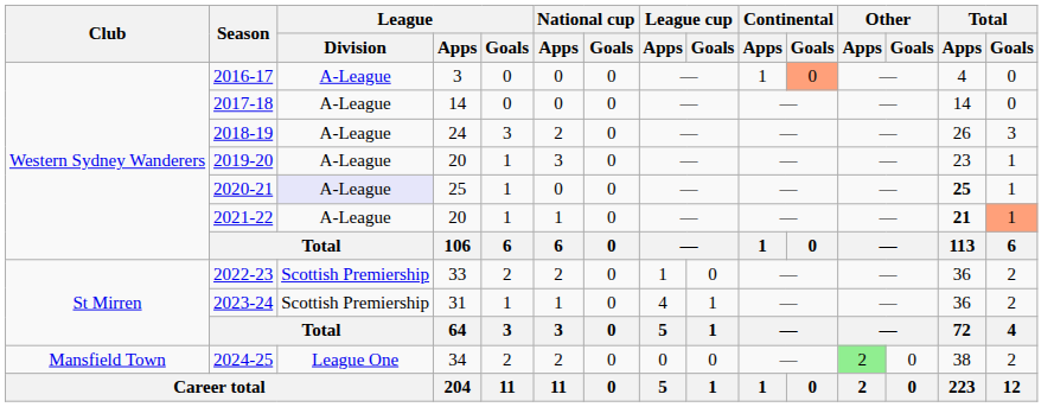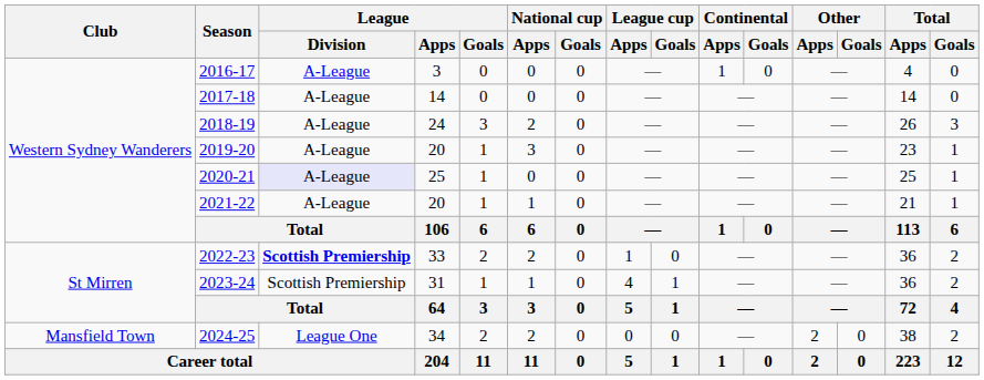 <table class="wikitable" style="text-align: center">
 <tr>
 <th rowspan="2">Club</th>
 <th rowspan="2">Season</th>
 <th colspan="3">League</th>
 <th colspan="2">National cup</th>
 <th colspan="2">League cup</th>
 <th colspan="2">Continental</th>
 <th colspan="2">Other</th>
 <th colspan="2">Total</th>
 </tr>
 <tr>
 <th>Division</th>
 <th>Apps</th>
 <th>Goals</th>
 <th>Apps</th>
 <th>Goals</th>
 <th>Apps</th>
 <th>Goals</th>
 <th>Apps</th>
 <th>Goals</th>
 <th>Apps</th>
 <th>Goals</th>
 <th>Apps</th>
 <th>Goals</th>
 </tr>
 <tr>
 <td rowspan="7"><a href='#'>Western Sydney Wanderers</a></td>
 <td><a href='#'>2016-17</a></td>
 <td><a href='#'>A-League</a></td>
 <td>3</td>
 <td>0</td>
 <td>0</td>
 <td>0</td>
 <td colspan="2">—</td>
 <td>1</td>
-<td style="background: lightsalmon;">0</td>
+<td>0</td>
 <td colspan="2">—</td>
 <td>4</td>
 <td>0</td>
 </tr>
 <tr>
 <td><a href='#'>2017-18</a></td>
 <td>A-League</td>
 <td>14</td>
 <td>0</td>
 <td>0</td>
 <td>0</td>
 <td colspan="2">—</td>
 <td colspan="2">—</td>
 <td colspan="2">—</td>
 <td>14</td>
 <td>0</td>
 </tr>
 <tr>
 <td><a href='#'>2018-19</a></td>
 <td>A-League</td>
 <td>24</td>
 <td>3</td>
 <td>2</td>
 <td>0</td>
 <td colspan="2">—</td>
 <td colspan="2">—</td>
 <td colspan="2">—</td>
 <td>26</td>
 <td>3</td>
 </tr>
 <tr>
 <td><a href='#'>2019-20</a></td>
 <td>A-League</td>
 <td>20</td>
 <td>1</td>
 <td>3</td>
 <td>0</td>
 <td colspan="2">—</td>
 <td colspan="2">—</td>
 <td colspan="2">—</td>
 <td>23</td>
 <td>1</td>
 </tr>
 <tr>
 <td><a href='#'>2020-21</a></td>
 <td style="background: lavender;">A-League</td>
 <td>25</td>
 <td>1</td>
 <td>0</td>
 <td>0</td>
 <td colspan="2">—</td>
 <td colspan="2">—</td>
 <td colspan="2">—</td>
-<td><strong>25</strong></td>
+<td>25</td>
 <td>1</td>
 </tr>
 <tr>
 <td><a href='#'>2021-22</a></td>
 <td>A-League</td>
 <td>20</td>
 <td>1</td>
 <td>1</td>
 <td>0</td>
 <td colspan="2">—</td>
 <td colspan="2">—</td>
 <td colspan="2">—</td>
-<td><strong>21</strong></td>
-<td style="background: lightsalmon;">1</td>
+<td>21</td>
+<td>1</td>
 </tr>
 <tr>
 <th colspan="2">Total</th>
 <th>106</th>
 <th>6</th>
 <th>6</th>
 <th>0</th>
 <th colspan="2">—</th>
 <th>1</th>
 <th>0</th>
 <th colspan="2">—</th>
 <th>113</th>
 <th>6</th>
 </tr>
 <tr>
 <td rowspan="3"><a href='#'>St Mirren</a></td>
 <td><a href='#'>2022-23</a></td>
-<td><a href='#'>Scottish Premiership</a></td>
+<td><strong><a href='#'>Scottish Premiership</a></strong></td>
 <td>33</td>
 <td>2</td>
 <td>2</td>
 <td>0</td>
 <td>1</td>
 <td>0</td>
 <td colspan="2">—</td>
 <td colspan="2">—</td>
 <td>36</td>
 <td>2</td>
 </tr>
 <tr>
 <td><a href='#'>2023-24</a></td>
 <td>Scottish Premiership</td>
 <td>31</td>
 <td>1</td>
 <td>1</td>
 <td>0</td>
 <td>4</td>
 <td>1</td>
 <td colspan="2">—</td>
 <td colspan="2">—</td>
 <td>36</td>
 <td>2</td>
 </tr>
 <tr>
 <th colspan="2">Total</th>
 <th>64</th>
 <th>3</th>
 <th>3</th>
 <th>0</th>
 <th>5</th>
 <th>1</th>
 <th colspan="2">—</th>
 <th colspan="2">—</th>
 <th>72</th>
 <th>4</th>
 </tr>
 <tr>
 <td><a href='#'>Mansfield Town</a></td>
 <td><a href='#'>2024-25</a></td>
 <td><a href='#'>League One</a></td>
 <td>34</td>
 <td>2</td>
 <td>2</td>
 <td>0</td>
 <td>0</td>
 <td>0</td>
 <td colspan="2">—</td>
-<td style="background: lightgreen;">2</td>
+<td>2</td>
 <td>0</td>
 <td>38</td>
 <td>2</td>
 </tr>
 <tr>
 <th colspan="3">Career total</th>
 <th>204</th>
 <th>11</th>
 <th>11</th>
 <th>0</th>
 <th>5</th>
 <th>1</th>
 <th>1</th>
 <th>0</th>
 <th>2</th>
 <th>0</th>
 <th>223</th>
 <th>12</th>
 </tr>
 </table>
